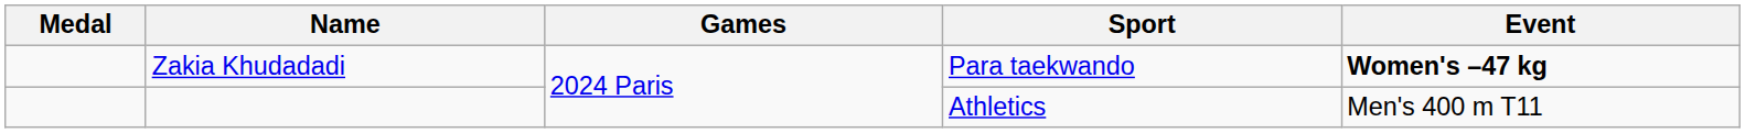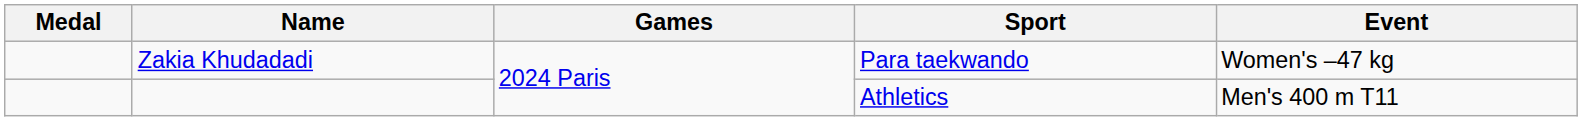 <table class="wikitable sortable">
 <tr>
 <th style="width:5em">Medal</th>
 <th style="width:15em">Name</th>
 <th style="width:15em">Games</th>
 <th style="width:15em">Sport</th>
 <th style="width:15em">Event</th>
 </tr>
 <tr>
 <td></td>
 <td><a href='#'>Zakia Khudadadi</a></td>
 <td rowspan=2><a href='#'>2024 Paris</a></td>
 <td><a href='#'>Para taekwando</a></td>
-<td><strong>Women's –47 kg</strong></td>
+<td>Women's –47 kg</td>
 </tr>
 <tr>
 <td></td>
 <td></td>
 <td><a href='#'>Athletics</a></td>
 <td>Men's 400 m T11</td>
 </tr>
 </table>
